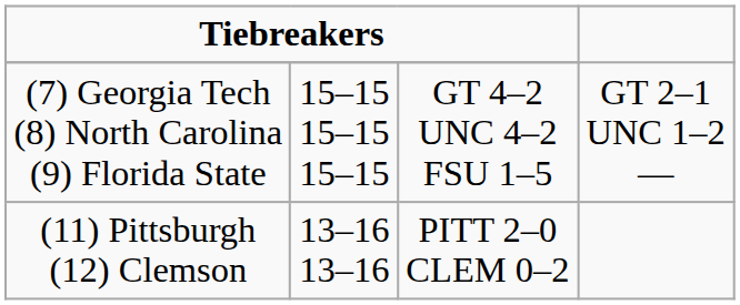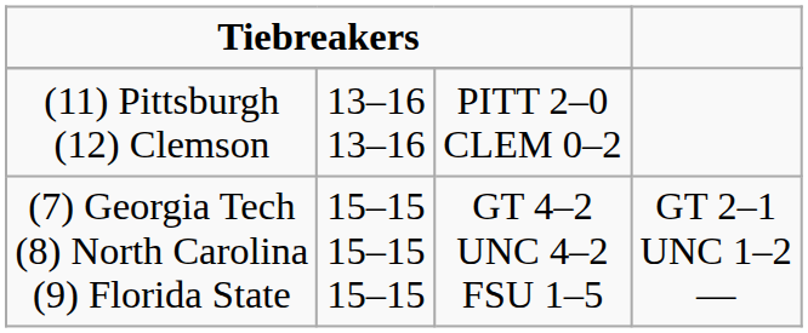 <table class="wikitable" style="display: inline-table;">
 <tr>
 <td align="center" Colspan="3"><strong>Tiebreakers</strong></td>
 </tr>
 <tr align="center">
 </tr>
 <tr align="center">
+<td>(11) Pittsburgh<br>(12) Clemson</td>
+<td>13–16<br>13–16</td>
+<td>PITT 2–0<br>CLEM 0–2</td>
+<td></td>
+</tr>
+<tr align="center">
 <td>(7) Georgia Tech<br>(8) North Carolina<br>(9) Florida State</td>
 <td>15–15<br>15–15<br>15–15</td>
 <td>GT 4–2<br>UNC 4–2<br>FSU 1–5</td>
 <td>GT 2–1<br>UNC 1–2<br>—</td>
 </tr>
-<tr align="center">
-<td>(11) Pittsburgh<br>(12) Clemson</td>
-<td>13–16<br>13–16</td>
-<td>PITT 2–0<br>CLEM 0–2</td>
-<td></td>
-</tr>
 </table>
